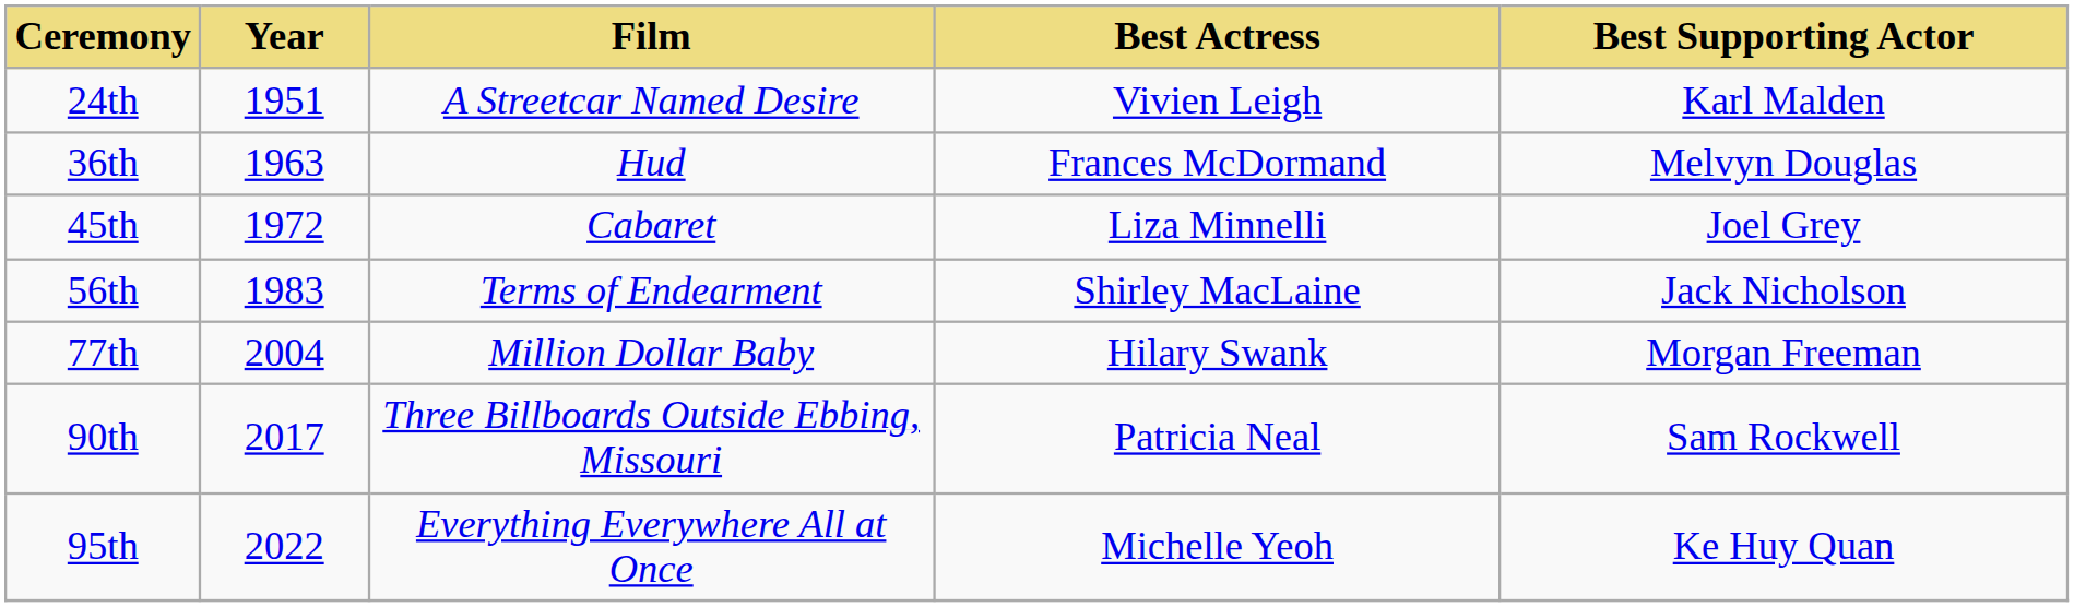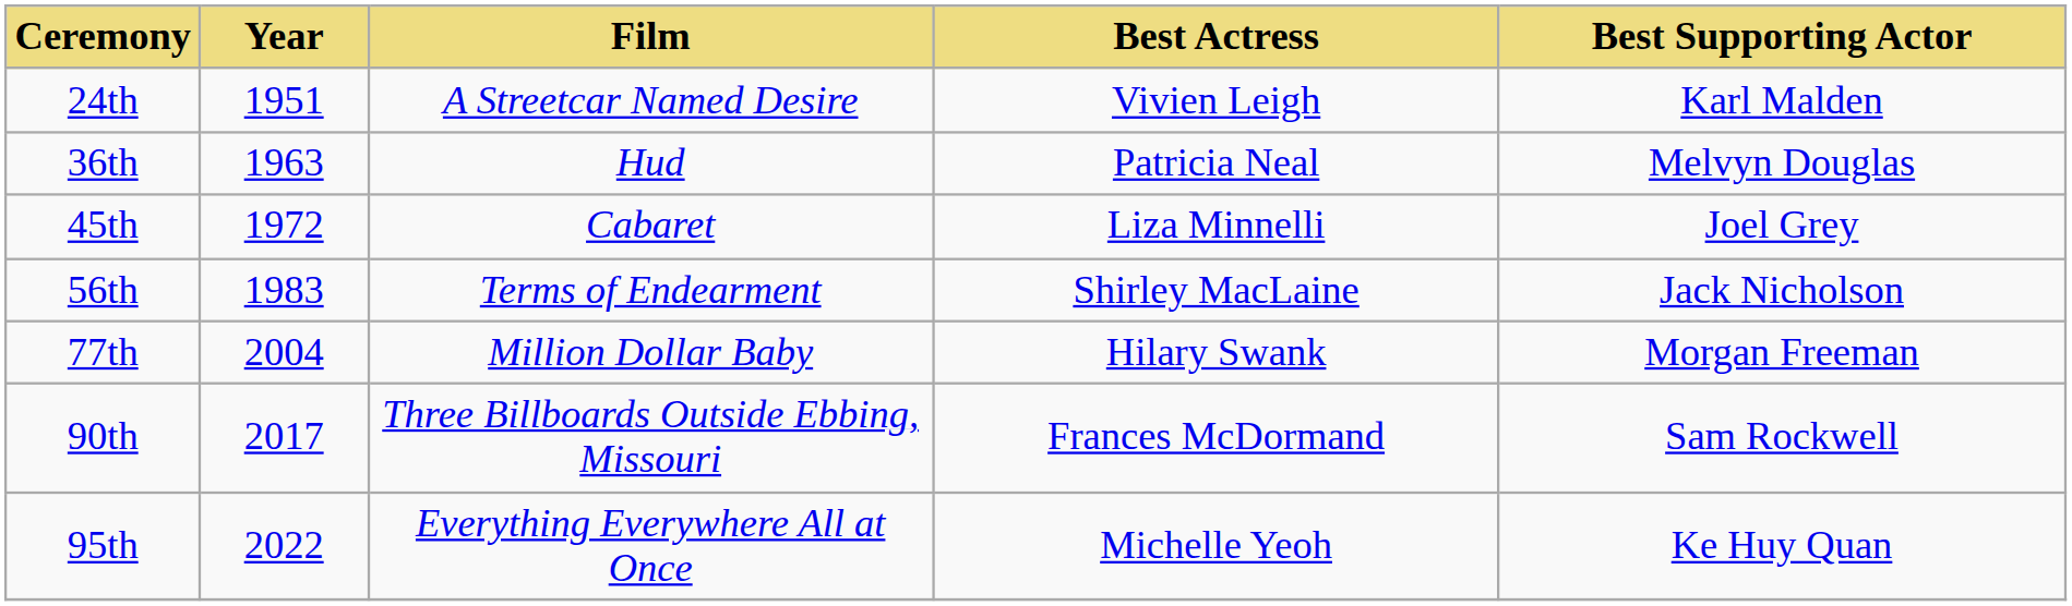 <table class="wikitable sortable" style="text-align: center">
 <tr>
 <th style="background-color:#EEDD82; width:060px;">Ceremony</th>
 <th style="background-color:#EEDD82; width:060px;">Year</th>
 <th style="background-color:#EEDD82; width:220px;">Film</th>
 <th style="background-color:#EEDD82; width:220px;">Best Actress</th>
 <th style="background-color:#EEDD82; width:220px;">Best Supporting Actor</th>
 </tr>
 <tr>
 <td><a href='#'>24th</a></td>
 <td><a href='#'>1951</a></td>
 <td><em><a href='#'>A Streetcar Named Desire</a></em></td>
 <td><a href='#'>Vivien Leigh</a></td>
 <td><a href='#'>Karl Malden</a></td>
 </tr>
 <tr>
 <td><a href='#'>36th</a></td>
 <td><a href='#'>1963</a></td>
 <td><em><a href='#'>Hud</a></em></td>
-<td><a href='#'>Frances McDormand</a></td>
+<td><a href='#'>Patricia Neal</a></td>
 <td><a href='#'>Melvyn Douglas</a></td>
 </tr>
 <tr>
 <td><a href='#'>45th</a></td>
 <td><a href='#'>1972</a></td>
 <td><em><a href='#'>Cabaret</a></em></td>
 <td><a href='#'>Liza Minnelli</a></td>
 <td><a href='#'>Joel Grey</a></td>
 </tr>
 <tr>
 <td><a href='#'>56th</a></td>
 <td><a href='#'>1983</a></td>
 <td><em><a href='#'>Terms of Endearment</a></em></td>
 <td><a href='#'>Shirley MacLaine</a></td>
 <td><a href='#'>Jack Nicholson</a></td>
 </tr>
 <tr>
 <td><a href='#'>77th</a></td>
 <td><a href='#'>2004</a></td>
 <td><em><a href='#'>Million Dollar Baby</a></em></td>
 <td><a href='#'>Hilary Swank</a></td>
 <td><a href='#'>Morgan Freeman</a></td>
 </tr>
 <tr>
 <td><a href='#'>90th</a></td>
 <td><a href='#'>2017</a></td>
 <td><em><a href='#'>Three Billboards Outside Ebbing, Missouri</a></em></td>
-<td><a href='#'>Patricia Neal</a></td>
+<td><a href='#'>Frances McDormand</a></td>
 <td><a href='#'>Sam Rockwell</a></td>
 </tr>
 <tr>
 <td><a href='#'>95th</a></td>
 <td><a href='#'>2022</a></td>
 <td><em><a href='#'>Everything Everywhere All at Once</a></em></td>
 <td><a href='#'>Michelle Yeoh</a></td>
 <td><a href='#'>Ke Huy Quan</a></td>
 </tr>
 <tr>
 </tr>
 </table>
